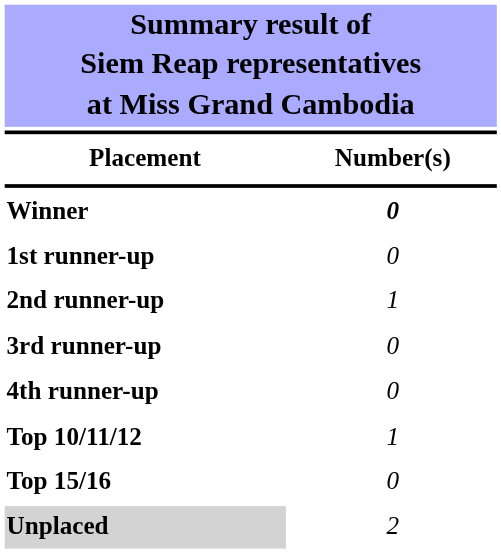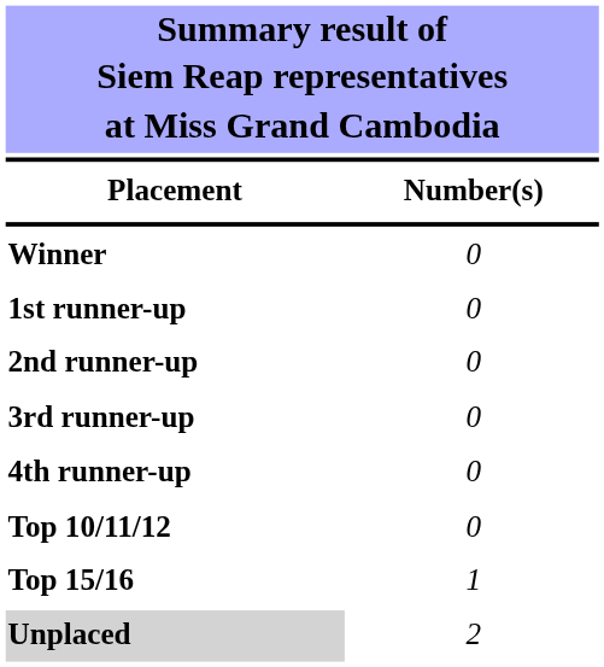 <table style="width: 270px; font-size:85%; line-height:1.5em;">
 <tr>
 <th colspan="2" align="center" style="background:#AAF;"><big>Summary result of<br>Siem Reap representatives<br>at Miss Grand Cambodia</big></th>
 </tr>
 <tr>
 <td colspan="2" style="background:black"></td>
 </tr>
 <tr>
 <th scope="col">Placement</th>
 <th scope="col">Number(s)</th>
 </tr>
 <tr>
 <td colspan="2" style="background:black"></td>
 </tr>
 <tr>
 <td align="left"><strong>Winner</strong></td>
-<td align="center"><strong><em>0</em></strong></td>
+<td align="center"><em>0</em></td>
 </tr>
 <tr>
 <td align="left"><strong>1st runner-up</strong></td>
 <td align="center"><em>0</em></td>
 </tr>
 <tr>
 <td align="left"><strong>2nd runner-up</strong></td>
-<td align="center"><em>1</em></td>
+<td align="center"><em>0</em></td>
 </tr>
 <tr>
 <td align="left"><strong>3rd runner-up</strong></td>
 <td align="center"><em>0</em></td>
 </tr>
 <tr>
 <td align="left"><strong>4th runner-up</strong></td>
 <td align="center"><em>0</em></td>
 </tr>
 <tr>
 <td align="left"><strong>Top 10/11/12</strong></td>
-<td align="center"><em>1</em></td>
+<td align="center"><em>0</em></td>
 </tr>
 <tr>
 <td align="left"><strong>Top 15/16</strong></td>
-<td align="center"><em>0</em></td>
+<td align="center"><em>1</em></td>
 </tr>
 <tr>
 <td align="left" style="background: lightgrey;"><strong>Unplaced</strong></td>
 <td align="center"><em>2</em></td>
 </tr>
 </table>
